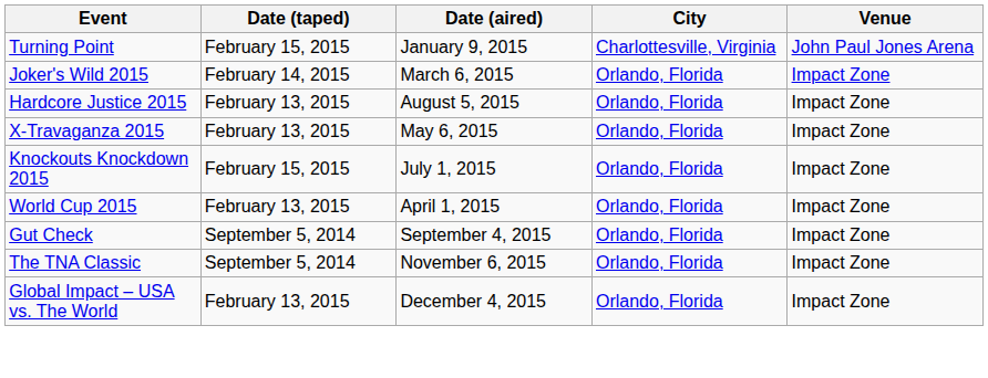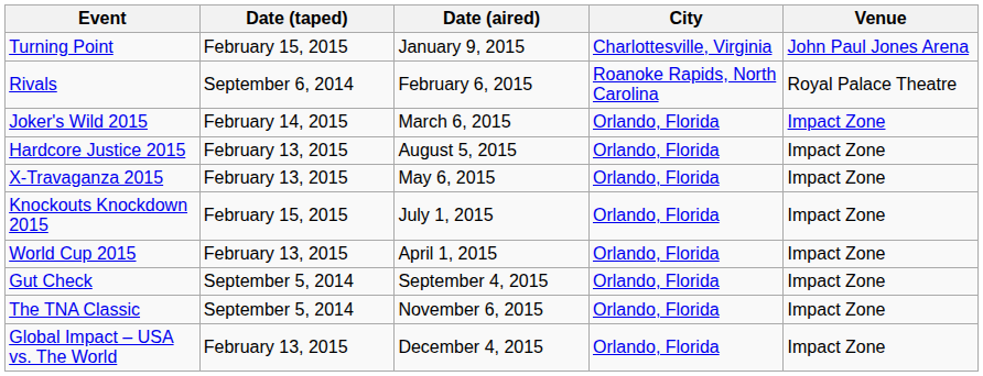 <table class="wikitable sortable" width="100%" style="align: center">
 <tr>
 <th width="20%">Event</th>
 <th width="20%">Date (taped)</th>
 <th width="20%">Date (aired)</th>
 <th width="20%">City</th>
 <th width="20%">Venue</th>
 </tr>
 <tr>
 <td><a href='#'>Turning Point</a></td>
 <td>February 15, 2015</td>
 <td>January 9, 2015</td>
 <td><a href='#'>Charlottesville, Virginia</a></td>
 <td><a href='#'>John Paul Jones Arena</a></td>
+</tr>
+<tr>
+<td><a href='#'>Rivals</a></td>
+<td>September 6, 2014</td>
+<td>February 6, 2015</td>
+<td><a href='#'>Roanoke Rapids, North Carolina</a></td>
+<td>Royal Palace Theatre</td>
 </tr>
 <tr>
 <td><a href='#'>Joker's Wild 2015</a></td>
 <td>February 14, 2015</td>
 <td>March 6, 2015</td>
 <td><a href='#'>Orlando, Florida</a></td>
 <td><a href='#'>Impact Zone</a></td>
 </tr>
 <tr>
 <td><a href='#'>Hardcore Justice 2015</a></td>
 <td>February 13, 2015</td>
 <td>August 5, 2015</td>
 <td><a href='#'>Orlando, Florida</a></td>
 <td>Impact Zone</td>
 </tr>
 <tr>
 <td><a href='#'>X-Travaganza 2015</a></td>
 <td>February 13, 2015</td>
 <td>May 6, 2015</td>
 <td><a href='#'>Orlando, Florida</a></td>
 <td>Impact Zone</td>
 </tr>
 <tr>
 <td><a href='#'>Knockouts Knockdown 2015</a></td>
 <td>February 15, 2015</td>
 <td>July 1, 2015</td>
 <td><a href='#'>Orlando, Florida</a></td>
 <td>Impact Zone</td>
 </tr>
 <tr>
 <td><a href='#'>World Cup 2015</a></td>
 <td>February 13, 2015</td>
 <td>April 1, 2015</td>
 <td><a href='#'>Orlando, Florida</a></td>
 <td>Impact Zone</td>
 </tr>
 <tr>
 <td><a href='#'>Gut Check</a></td>
 <td>September 5, 2014</td>
 <td>September 4, 2015</td>
 <td><a href='#'>Orlando, Florida</a></td>
 <td>Impact Zone</td>
 </tr>
 <tr>
 <td><a href='#'>The TNA Classic</a></td>
 <td>September 5, 2014</td>
 <td>November 6, 2015</td>
 <td><a href='#'>Orlando, Florida</a></td>
 <td>Impact Zone</td>
 </tr>
 <tr>
 <td><a href='#'>Global Impact – USA vs. The World</a></td>
 <td>February 13, 2015</td>
 <td>December 4, 2015</td>
 <td><a href='#'>Orlando, Florida</a></td>
 <td>Impact Zone</td>
 </tr>
 </table>
